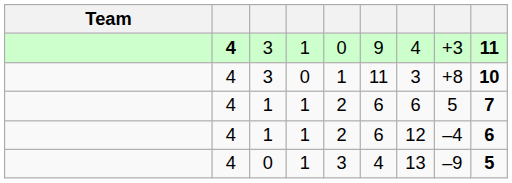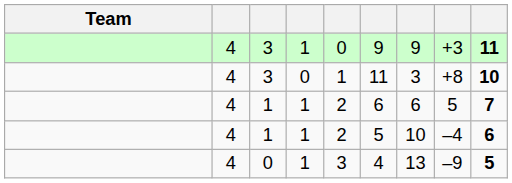 <table class="wikitable" style="text-align:center">
 <tr>
 <th width=175>Team</th>
 <th width=25></th>
 <th width=25></th>
 <th width=25></th>
 <th width=25></th>
 <th width=25></th>
 <th width=25></th>
 <th width=25></th>
 <th width=25></th>
 </tr>
 <tr align=center bgcolor=#ccffcc>
 <td align=left></td>
-<td><strong>4</strong></td>
+<td>4</td>
 <td>3</td>
 <td>1</td>
 <td>0</td>
 <td>9</td>
-<td>4</td>
+<td>9</td>
 <td>+3</td>
 <td><strong>11</strong></td>
 </tr>
 <tr>
 <td align=left></td>
 <td>4</td>
 <td>3</td>
 <td>0</td>
 <td>1</td>
 <td>11</td>
 <td>3</td>
 <td>+8</td>
 <td><strong>10</strong></td>
 </tr>
 <tr>
 <td align=left></td>
 <td>4</td>
 <td>1</td>
 <td>1</td>
 <td>2</td>
 <td>6</td>
 <td>6</td>
 <td>5</td>
 <td><strong>7</strong></td>
 </tr>
 <tr>
 <td align=left></td>
 <td>4</td>
 <td>1</td>
 <td>1</td>
 <td>2</td>
-<td>6</td>
-<td>12</td>
+<td>5</td>
+<td>10</td>
 <td>–4</td>
 <td><strong>6</strong></td>
 </tr>
 <tr>
 <td align=left></td>
 <td>4</td>
 <td>0</td>
 <td>1</td>
 <td>3</td>
 <td>4</td>
 <td>13</td>
 <td>–9</td>
 <td><strong>5</strong></td>
 </tr>
 </table>
